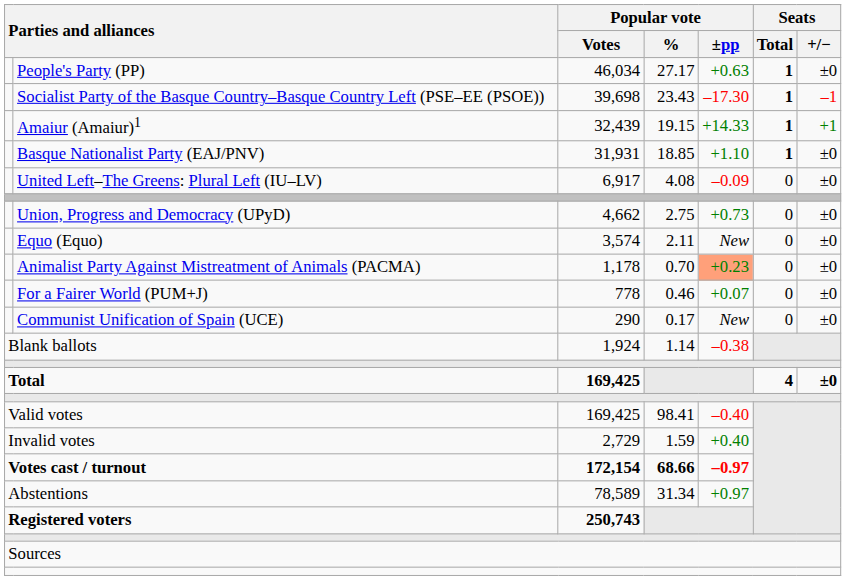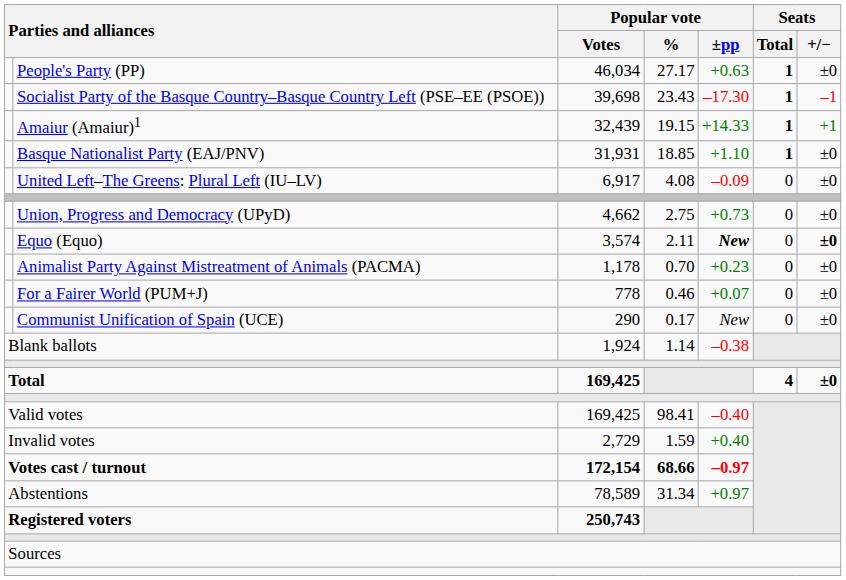 <table class="wikitable" style="text-align:right;">
 <tr>
 <th style="text-align:left;" rowspan="2" colspan="2" width="525">Parties and alliances</th>
 <th colspan="3">Popular vote</th>
 <th colspan="2">Seats</th>
 </tr>
 <tr>
 <th width="75">Votes</th>
 <th width="45">%</th>
 <th width="45">±<a href='#'>pp</a></th>
 <th width="35">Total</th>
 <th width="35">+/−</th>
 </tr>
 <tr>
 <td width="1" style="color:inherit;background:"></td>
 <td align="left"><a href='#'>People's Party</a> (PP)</td>
 <td>46,034</td>
 <td>27.17</td>
 <td style="color:green;">+0.63</td>
 <td><strong>1</strong></td>
 <td>±0</td>
 </tr>
 <tr>
 <td style="color:inherit;background:"></td>
 <td align="left"><a href='#'>Socialist Party of the Basque Country–Basque Country Left</a> (PSE–EE (PSOE))</td>
 <td>39,698</td>
 <td>23.43</td>
 <td style="color:red;">–17.30</td>
 <td><strong>1</strong></td>
 <td style="color:red;">–1</td>
 </tr>
 <tr>
 <td style="color:inherit;background:"></td>
 <td align="left"><a href='#'>Amaiur</a> (Amaiur)<sup>1</sup></td>
 <td>32,439</td>
 <td>19.15</td>
 <td style="color:green;">+14.33</td>
 <td><strong>1</strong></td>
 <td style="color:green;">+1</td>
 </tr>
 <tr>
 <td style="color:inherit;background:"></td>
 <td align="left"><a href='#'>Basque Nationalist Party</a> (EAJ/PNV)</td>
 <td>31,931</td>
 <td>18.85</td>
 <td style="color:green;">+1.10</td>
 <td><strong>1</strong></td>
 <td>±0</td>
 </tr>
 <tr>
 <td style="color:inherit;background:"></td>
 <td align="left"><a href='#'>United Left</a>–<a href='#'>The Greens</a>: <a href='#'>Plural Left</a> (IU–LV)</td>
 <td>6,917</td>
 <td>4.08</td>
 <td style="color:red;">–0.09</td>
 <td>0</td>
 <td>±0</td>
 </tr>
 <tr>
 <td colspan="7" bgcolor="#C0C0C0"></td>
 </tr>
 <tr>
 <td style="color:inherit;background:"></td>
 <td align="left"><a href='#'>Union, Progress and Democracy</a> (UPyD)</td>
 <td>4,662</td>
 <td>2.75</td>
 <td style="color:green;">+0.73</td>
 <td>0</td>
 <td>±0</td>
 </tr>
 <tr>
 <td style="color:inherit;background:"></td>
 <td align="left"><a href='#'>Equo</a> (Equo)</td>
 <td>3,574</td>
 <td>2.11</td>
-<td><em>New</em></td>
+<td><strong><em>New</em></strong></td>
 <td>0</td>
-<td>±0</td>
+<td><strong>±0</strong></td>
 </tr>
 <tr>
 <td style="color:inherit;background:"></td>
 <td align="left"><a href='#'>Animalist Party Against Mistreatment of Animals</a> (PACMA)</td>
 <td>1,178</td>
 <td>0.70</td>
-<td style="background: lightsalmon; color:green;">+0.23</td>
+<td style="color:green;">+0.23</td>
 <td>0</td>
 <td>±0</td>
 </tr>
 <tr>
 <td style="color:inherit;background:"></td>
 <td align="left"><a href='#'>For a Fairer World</a> (PUM+J)</td>
 <td>778</td>
 <td>0.46</td>
 <td style="color:green;">+0.07</td>
 <td>0</td>
 <td>±0</td>
 </tr>
 <tr>
 <td style="color:inherit;background:"></td>
 <td align="left"><a href='#'>Communist Unification of Spain</a> (UCE)</td>
 <td>290</td>
 <td>0.17</td>
 <td><em>New</em></td>
 <td>0</td>
 <td>±0</td>
 </tr>
 <tr>
 <td align="left" colspan="2">Blank ballots</td>
 <td>1,924</td>
 <td>1.14</td>
 <td style="color:red;">–0.38</td>
 <td bgcolor="#E9E9E9" colspan="2"></td>
 </tr>
 <tr>
 <td colspan="7" bgcolor="#E9E9E9"></td>
 </tr>
 <tr style="font-weight:bold;">
 <td align="left" colspan="2">Total</td>
 <td>169,425</td>
 <td bgcolor="#E9E9E9" colspan="2"></td>
 <td>4</td>
 <td>±0</td>
 </tr>
 <tr>
 <td colspan="7" bgcolor="#E9E9E9"></td>
 </tr>
 <tr>
 <td align="left" colspan="2">Valid votes</td>
 <td>169,425</td>
 <td>98.41</td>
 <td style="color:red;">–0.40</td>
 <td bgcolor="#E9E9E9" colspan="2" rowspan="5"></td>
 </tr>
 <tr>
 <td align="left" colspan="2">Invalid votes</td>
 <td>2,729</td>
 <td>1.59</td>
 <td style="color:green;">+0.40</td>
 </tr>
 <tr style="font-weight:bold;">
 <td align="left" colspan="2">Votes cast / turnout</td>
 <td>172,154</td>
 <td>68.66</td>
 <td style="color:red;">–0.97</td>
 </tr>
 <tr>
 <td align="left" colspan="2">Abstentions</td>
 <td>78,589</td>
 <td>31.34</td>
 <td style="color:green;">+0.97</td>
 </tr>
 <tr style="font-weight:bold;">
 <td align="left" colspan="2">Registered voters</td>
 <td>250,743</td>
 <td bgcolor="#E9E9E9" colspan="2"></td>
 </tr>
 <tr>
 <td colspan="7" bgcolor="#E9E9E9"></td>
 </tr>
 <tr>
 <td align="left" colspan="7">Sources</td>
 </tr>
 <tr>
 <td colspan="7" style="text-align:left; max-width:790px;"></td>
 </tr>
 </table>
